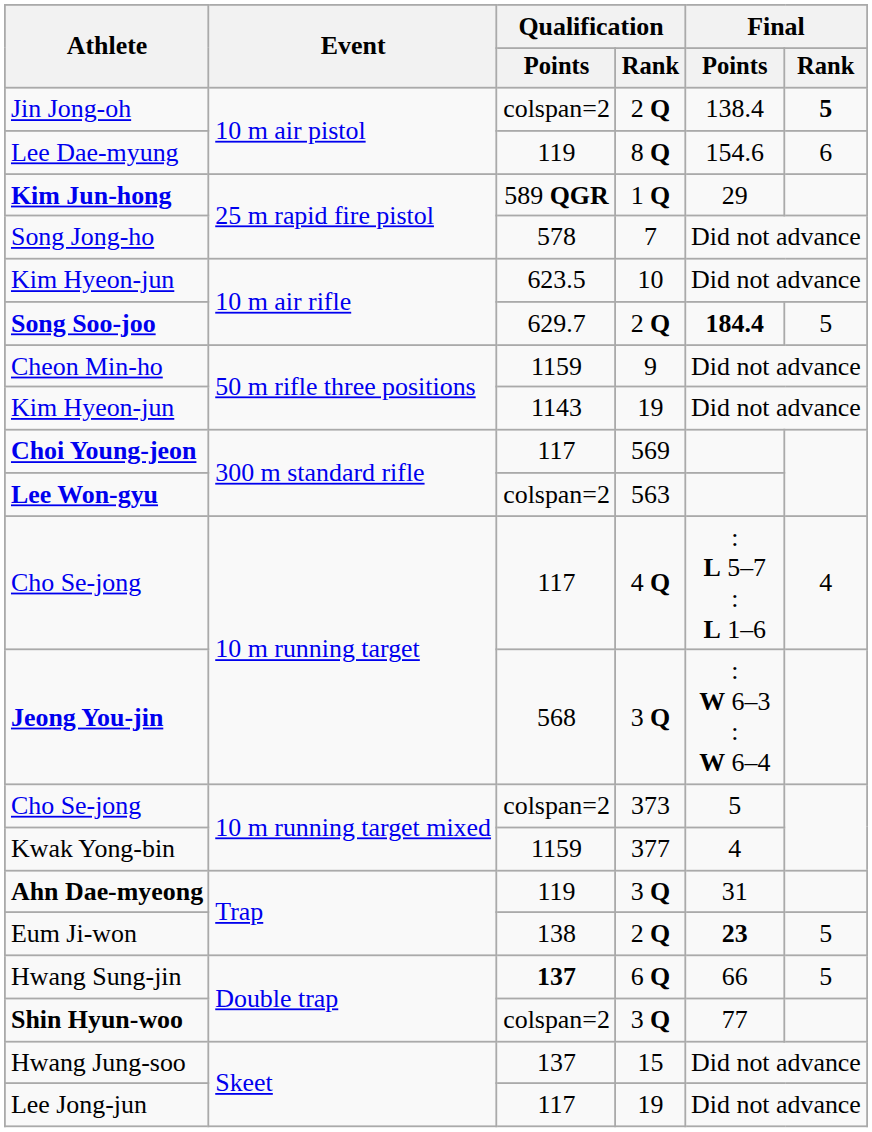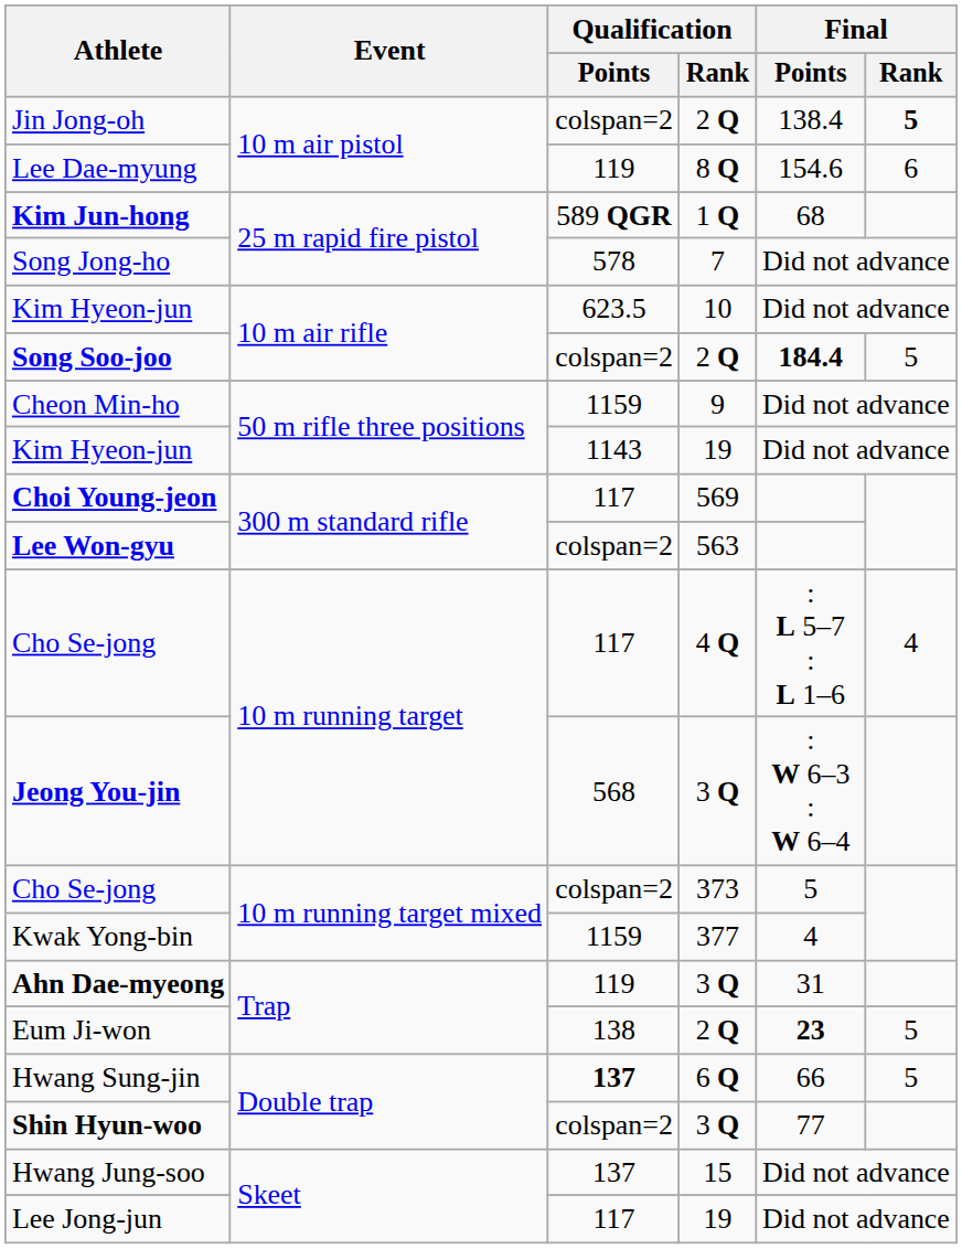 <table class=wikitable style=font-size:90%;text-align:center>
 <tr>
 <th rowspan="2">Athlete</th>
 <th rowspan="2">Event</th>
 <th colspan=2>Qualification</th>
 <th colspan=2>Final</th>
 </tr>
 <tr style="font-size:95%">
 <th>Points</th>
 <th>Rank</th>
 <th>Points</th>
 <th>Rank</th>
 </tr>
 <tr>
 <td align=left><a href='#'>Jin Jong-oh</a></td>
 <td align=left rowspan=2><a href='#'>10 m air pistol</a></td>
 <td>colspan=2 </td>
 <td>2 <strong>Q</strong></td>
 <td>138.4</td>
 <td><strong>5</strong></td>
 </tr>
 <tr>
 <td align=left><a href='#'>Lee Dae-myung</a></td>
 <td>119</td>
 <td>8 <strong>Q</strong></td>
 <td>154.6</td>
 <td>6</td>
 </tr>
 <tr>
 <td align=left><strong><a href='#'>Kim Jun-hong</a></strong></td>
 <td align=left rowspan=2><a href='#'>25 m rapid fire pistol</a></td>
 <td>589 <strong>QGR</strong></td>
 <td>1 <strong>Q</strong></td>
-<td>29</td>
+<td>68</td>
 <td></td>
 </tr>
 <tr>
 <td align=left><a href='#'>Song Jong-ho</a></td>
 <td>578</td>
 <td>7</td>
 <td colspan=2>Did not advance</td>
 </tr>
 <tr>
 <td align=left><a href='#'>Kim Hyeon-jun</a></td>
 <td align=left rowspan=2><a href='#'>10 m air rifle</a></td>
 <td>623.5</td>
 <td>10</td>
 <td colspan=2>Did not advance</td>
 </tr>
 <tr>
 <td align=left><strong><a href='#'>Song Soo-joo</a></strong></td>
-<td>629.7</td>
+<td>colspan=2 </td>
 <td>2 <strong>Q</strong></td>
 <td><strong>184.4</strong></td>
 <td>5</td>
 </tr>
 <tr>
 <td align=left><a href='#'>Cheon Min-ho</a></td>
 <td align=left rowspan=2><a href='#'>50 m rifle three positions</a></td>
 <td>1159</td>
 <td>9</td>
 <td colspan=2>Did not advance</td>
 </tr>
 <tr>
 <td align=left><a href='#'>Kim Hyeon-jun</a></td>
 <td>1143</td>
 <td>19</td>
 <td colspan=2>Did not advance</td>
 </tr>
 <tr>
 <td align=left><strong><a href='#'>Choi Young-jeon</a></strong></td>
 <td align=left rowspan=2><a href='#'>300 m standard rifle</a></td>
 <td>117</td>
 <td>569 </td>
 <td></td>
 </tr>
 <tr>
 <td align=left><strong><a href='#'>Lee Won-gyu</a></strong></td>
 <td>colspan=2 </td>
 <td>563</td>
 <td></td>
 </tr>
 <tr>
 <td align=left><a href='#'>Cho Se-jong</a></td>
 <td align=left rowspan=2><a href='#'>10 m running target</a></td>
 <td>117</td>
 <td>4 <strong>Q</strong></td>
 <td><strong></strong>: <br><strong>L</strong> 5–7<br><strong></strong>: <br><strong>L</strong> 1–6</td>
 <td>4</td>
 </tr>
 <tr>
 <td align=left><strong><a href='#'>Jeong You-jin</a></strong></td>
 <td>568</td>
 <td>3 <strong>Q</strong></td>
 <td><strong></strong>: <br><strong>W</strong> 6–3<br><strong></strong>: <br><strong>W</strong> 6–4</td>
 <td></td>
 </tr>
 <tr>
 <td align=left><a href='#'>Cho Se-jong</a></td>
 <td align=left rowspan=2><a href='#'>10 m running target mixed</a></td>
 <td>colspan=2 </td>
 <td>373</td>
 <td>5</td>
 </tr>
 <tr>
 <td align=left>Kwak Yong-bin</td>
 <td>1159</td>
 <td>377</td>
 <td>4</td>
 </tr>
 <tr>
 <td align=left><strong>Ahn Dae-myeong</strong></td>
 <td align=left rowspan=2><a href='#'>Trap</a></td>
 <td>119</td>
 <td>3 <strong>Q</strong></td>
 <td>31</td>
 <td></td>
 </tr>
 <tr>
 <td align=left>Eum Ji-won</td>
 <td>138</td>
 <td>2 <strong>Q</strong></td>
 <td><strong>23</strong></td>
 <td>5</td>
 </tr>
 <tr>
 <td align=left>Hwang Sung-jin</td>
 <td align=left rowspan=2><a href='#'>Double trap</a></td>
 <td><strong>137</strong></td>
 <td>6 <strong>Q</strong></td>
 <td>66</td>
 <td>5</td>
 </tr>
 <tr>
 <td align=left><strong>Shin Hyun-woo</strong></td>
 <td>colspan=2 </td>
 <td>3 <strong>Q</strong></td>
 <td>77</td>
 <td></td>
 </tr>
 <tr>
 <td align=left>Hwang Jung-soo</td>
 <td align=left rowspan=2><a href='#'>Skeet</a></td>
 <td>137</td>
 <td>15</td>
 <td colspan=2>Did not advance</td>
 </tr>
 <tr>
 <td align=left>Lee Jong-jun</td>
 <td>117</td>
 <td>19</td>
 <td colspan=2>Did not advance</td>
 </tr>
 </table>
